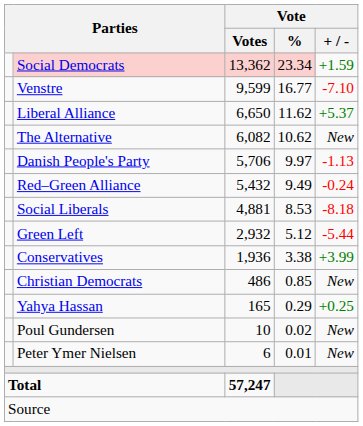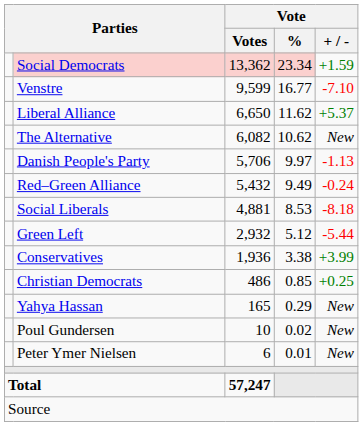 <table class="wikitable" style="text-align:right;">
 <tr>
 <th style="text-align:centre;" rowspan="2" colspan="2" width="225">Parties</th>
 <th colspan="3">Vote</th>
 </tr>
 <tr>
 <th width="15">Votes</th>
 <th width="15">%</th>
 <th width="15">+ / -</th>
 </tr>
 <tr>
 <td width="2" style="color:inherit;background:"></td>
 <td bgcolor=#fbd0ce  align="left"><a href='#'>Social Democrats</a></td>
 <td bgcolor=#fbd0ce>13,362</td>
 <td bgcolor=#fbd0ce>23.34</td>
 <td style=color:green;>+1.59</td>
 </tr>
 <tr>
 <td width="2" style="color:inherit;background:"></td>
 <td align="left"><a href='#'>Venstre</a></td>
 <td>9,599</td>
 <td>16.77</td>
 <td style=color:red;>-7.10</td>
 </tr>
 <tr>
 <td width="2" style="color:inherit;background:"></td>
 <td align="left"><a href='#'>Liberal Alliance</a></td>
 <td>6,650</td>
 <td>11.62</td>
 <td style=color:green;>+5.37</td>
 </tr>
 <tr>
 <td width="2" style="color:inherit;background:"></td>
 <td align="left"><a href='#'>The Alternative</a></td>
 <td>6,082</td>
 <td>10.62</td>
 <td><em>New</em></td>
 </tr>
 <tr>
 <td width="2" style="color:inherit;background:"></td>
 <td align="left"><a href='#'>Danish People's Party</a></td>
 <td>5,706</td>
 <td>9.97</td>
 <td style=color:red;>-1.13</td>
 </tr>
 <tr>
 <td width="2" style="color:inherit;background:"></td>
 <td align="left"><a href='#'>Red–Green Alliance</a></td>
 <td>5,432</td>
 <td>9.49</td>
 <td style=color:red;>-0.24</td>
 </tr>
 <tr>
 <td width="2" style="color:inherit;background:"></td>
 <td align="left"><a href='#'>Social Liberals</a></td>
 <td>4,881</td>
 <td>8.53</td>
 <td style=color:red;>-8.18</td>
 </tr>
 <tr>
 <td width="2" style="color:inherit;background:"></td>
 <td align="left"><a href='#'>Green Left</a></td>
 <td>2,932</td>
 <td>5.12</td>
 <td style=color:red;>-5.44</td>
 </tr>
 <tr>
 <td width="2" style="color:inherit;background:"></td>
 <td align="left"><a href='#'>Conservatives</a></td>
 <td>1,936</td>
 <td>3.38</td>
 <td style=color:green;>+3.99</td>
 </tr>
 <tr>
 <td width="2" style="color:inherit;background:"></td>
 <td align="left"><a href='#'>Christian Democrats</a></td>
 <td>486</td>
 <td>0.85</td>
-<td><em>New</em></td>
+<td style=color:green;>+0.25</td>
 </tr>
 <tr>
 <td width="2" style="color:inherit;background:"></td>
 <td align="left"><a href='#'>Yahya Hassan</a></td>
 <td>165</td>
 <td>0.29</td>
-<td style=color:green;>+0.25</td>
+<td><em>New</em></td>
 </tr>
 <tr>
 <td width="2" style="color:inherit;background:"></td>
 <td align="left">Poul Gundersen</td>
 <td>10</td>
 <td>0.02</td>
 <td><em>New</em></td>
 </tr>
 <tr>
 <td width="2" style="color:inherit;background:"></td>
 <td align="left">Peter Ymer Nielsen</td>
 <td>6</td>
 <td>0.01</td>
 <td><em>New</em></td>
 </tr>
 <tr>
 <td colspan="7" bgcolor="#E9E9E9"></td>
 </tr>
 <tr>
 <td align="left" colspan="2"><strong>Total</strong></td>
 <td><strong>57,247</strong></td>
 <td bgcolor="#E9E9E9" colspan="2"></td>
 </tr>
 <tr>
 <td align="left" colspan="6">Source</td>
 </tr>
 </table>
